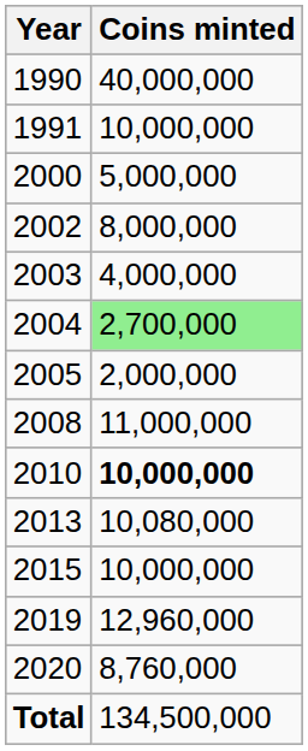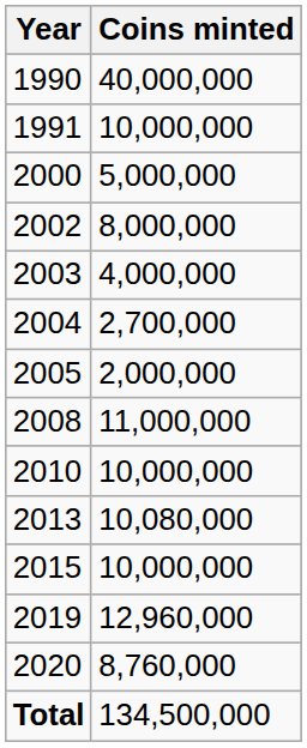 <table class="wikitable" border="1">
 <tr>
 <th>Year</th>
 <th>Coins minted</th>
 </tr>
 <tr>
 <td>1990</td>
 <td>40,000,000</td>
 </tr>
 <tr>
 <td>1991</td>
 <td>10,000,000</td>
 </tr>
 <tr>
 <td>2000</td>
 <td>5,000,000</td>
 </tr>
 <tr>
 <td>2002</td>
 <td>8,000,000</td>
 </tr>
 <tr>
 <td>2003</td>
 <td>4,000,000</td>
 </tr>
 <tr>
 <td>2004</td>
-<td style="background: lightgreen;">2,700,000</td>
+<td>2,700,000</td>
 </tr>
 <tr>
 <td>2005</td>
 <td>2,000,000</td>
 </tr>
 <tr>
 <td>2008</td>
 <td>11,000,000</td>
 </tr>
 <tr>
 <td>2010</td>
-<td><strong>10,000,000</strong></td>
+<td>10,000,000</td>
 </tr>
 <tr>
 <td>2013</td>
 <td>10,080,000</td>
 </tr>
 <tr>
 <td>2015</td>
 <td>10,000,000</td>
 </tr>
 <tr>
 <td>2019</td>
 <td>12,960,000</td>
 </tr>
 <tr>
 <td>2020</td>
 <td>8,760,000</td>
 </tr>
 <tr>
 <td><strong>Total</strong></td>
 <td>134,500,000</td>
 </tr>
 </table>
